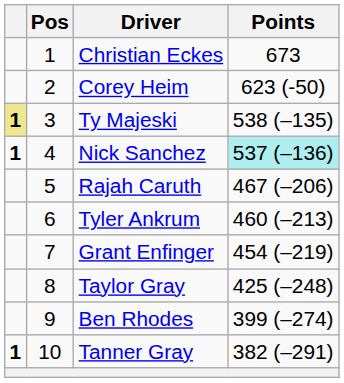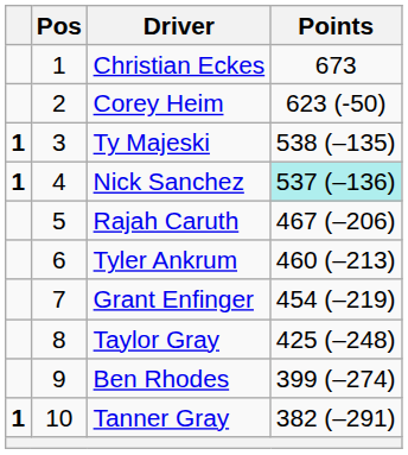 <table class="wikitable" style="font-size: 95%;">
 <tr>
 <th></th>
 <th>Pos</th>
 <th>Driver</th>
 <th>Points</th>
 </tr>
 <tr>
 <td align="left"></td>
 <td style="text-align:center;">1</td>
 <td><a href='#'>Christian Eckes</a></td>
 <td style="text-align:center;">673</td>
 </tr>
 <tr>
 <td align="left"></td>
 <td style="text-align:center;">2</td>
 <td><a href='#'>Corey Heim</a></td>
 <td style="text-align:center;">623 (-50)</td>
 </tr>
 <tr>
-<td align="left" style="background: khaki;"> <strong>1</strong></td>
+<td align="left"> <strong>1</strong></td>
 <td style="text-align:center;">3</td>
 <td><a href='#'>Ty Majeski</a></td>
 <td style="text-align:center;">538 (–135)</td>
 </tr>
 <tr>
 <td align="left"> <strong>1</strong></td>
 <td style="text-align:center;">4</td>
 <td><a href='#'>Nick Sanchez</a></td>
 <td style="background: paleturquoise; text-align:center;">537 (–136)</td>
 </tr>
 <tr>
 <td align="left"></td>
 <td style="text-align:center;">5</td>
 <td><a href='#'>Rajah Caruth</a></td>
 <td style="text-align:center;">467 (–206)</td>
 </tr>
 <tr>
 <td align="left"></td>
 <td style="text-align:center;">6</td>
 <td><a href='#'>Tyler Ankrum</a></td>
 <td style="text-align:center;">460 (–213)</td>
 </tr>
 <tr>
 <td align="left"></td>
 <td style="text-align:center;">7</td>
 <td><a href='#'>Grant Enfinger</a></td>
 <td style="text-align:center;">454 (–219)</td>
 </tr>
 <tr>
 <td align="left"></td>
 <td style="text-align:center;">8</td>
 <td><a href='#'>Taylor Gray</a></td>
 <td style="text-align:center;">425 (–248)</td>
 </tr>
 <tr>
 <td align="left"></td>
 <td style="text-align:center;">9</td>
 <td><a href='#'>Ben Rhodes</a></td>
 <td style="text-align:center;">399 (–274)</td>
 </tr>
 <tr>
 <td align="left"> <strong>1</strong></td>
 <td style="text-align:center;">10</td>
 <td><a href='#'>Tanner Gray</a></td>
 <td style="text-align:center;">382 (–291)</td>
 </tr>
 <tr class="sortbottom">
 <th colspan="9"></th>
 </tr>
 </table>
